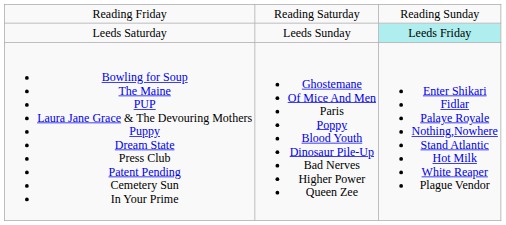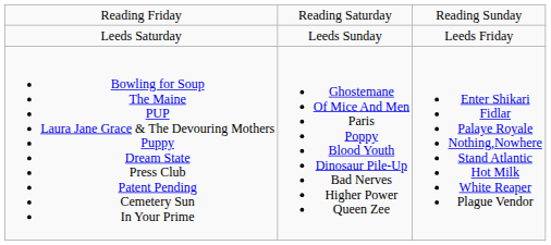 <table class="wikitable" style="text-align:center;">
 <tr>
 <td>Reading Friday</td>
 <td>Reading Saturday</td>
 <td>Reading Sunday</td>
 </tr>
 <tr>
 <td>Leeds Saturday</td>
 <td>Leeds Sunday</td>
-<td style="background: paleturquoise;">Leeds Friday</td>
+<td>Leeds Friday</td>
 </tr>
 <tr>
 <td><br><ul><li><a href='#'>Bowling for Soup</a></li><li><a href='#'>The Maine</a></li><li><a href='#'>PUP</a></li><li><a href='#'>Laura Jane Grace</a> & The Devouring Mothers</li><li><a href='#'>Puppy</a></li><li><a href='#'>Dream State</a></li><li>Press Club</li><li><a href='#'>Patent Pending</a></li><li>Cemetery Sun</li><li>In Your Prime</li></ul></td>
 <td><br><ul><li><a href='#'>Ghostemane</a></li><li><a href='#'>Of Mice And Men</a></li><li>Paris</li><li><a href='#'>Poppy</a></li><li><a href='#'>Blood Youth</a></li><li><a href='#'>Dinosaur Pile-Up</a></li><li>Bad Nerves</li><li>Higher Power</li><li>Queen Zee</li></ul></td>
 <td><br><ul><li><a href='#'>Enter Shikari</a></li><li><a href='#'>Fidlar</a></li><li><a href='#'>Palaye Royale</a></li><li><a href='#'>Nothing,Nowhere</a></li><li><a href='#'>Stand Atlantic</a></li><li><a href='#'>Hot Milk</a></li><li><a href='#'>White Reaper</a></li><li>Plague Vendor</li></ul></td>
 </tr>
 </table>
